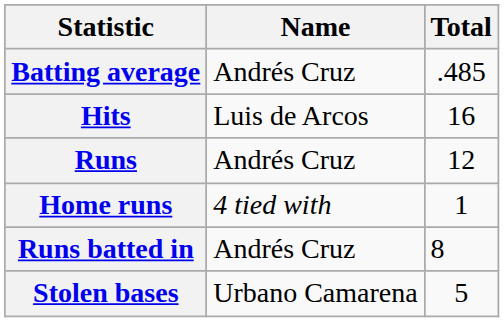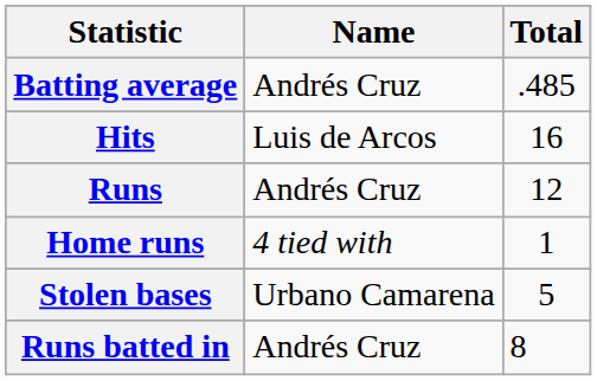 <table class="wikitable plainrowheaders">
 <tr>
 <th scope="col">Statistic</th>
 <th scope="col">Name</th>
 <th scope="col">Total</th>
 </tr>
 <tr>
 <th scope="row"><a href='#'>Batting average</a></th>
 <td> Andrés Cruz</td>
 <td align=center>.485</td>
 </tr>
 <tr>
 <th scope="row"><a href='#'>Hits</a></th>
 <td> Luis de Arcos</td>
 <td align=center>16</td>
 </tr>
 <tr>
 <th scope="row"><a href='#'>Runs</a></th>
 <td> Andrés Cruz</td>
 <td align=center>12</td>
 </tr>
 <tr>
 <th scope="row"><a href='#'>Home runs</a></th>
 <td><em>4 tied with</em></td>
 <td align=center>1</td>
 </tr>
 <tr>
+<th scope="row"><a href='#'>Stolen bases</a></th>
+<td> Urbano Camarena</td>
+<td align=center>5</td>
+</tr>
+<tr>
 <th scope="row"><a href='#'>Runs batted in</a></th>
 <td> Andrés Cruz</td>
 <td>8</td>
 </tr>
-<tr>
-<th scope="row"><a href='#'>Stolen bases</a></th>
-<td> Urbano Camarena</td>
-<td align=center>5</td>
-</tr>
 </table>
